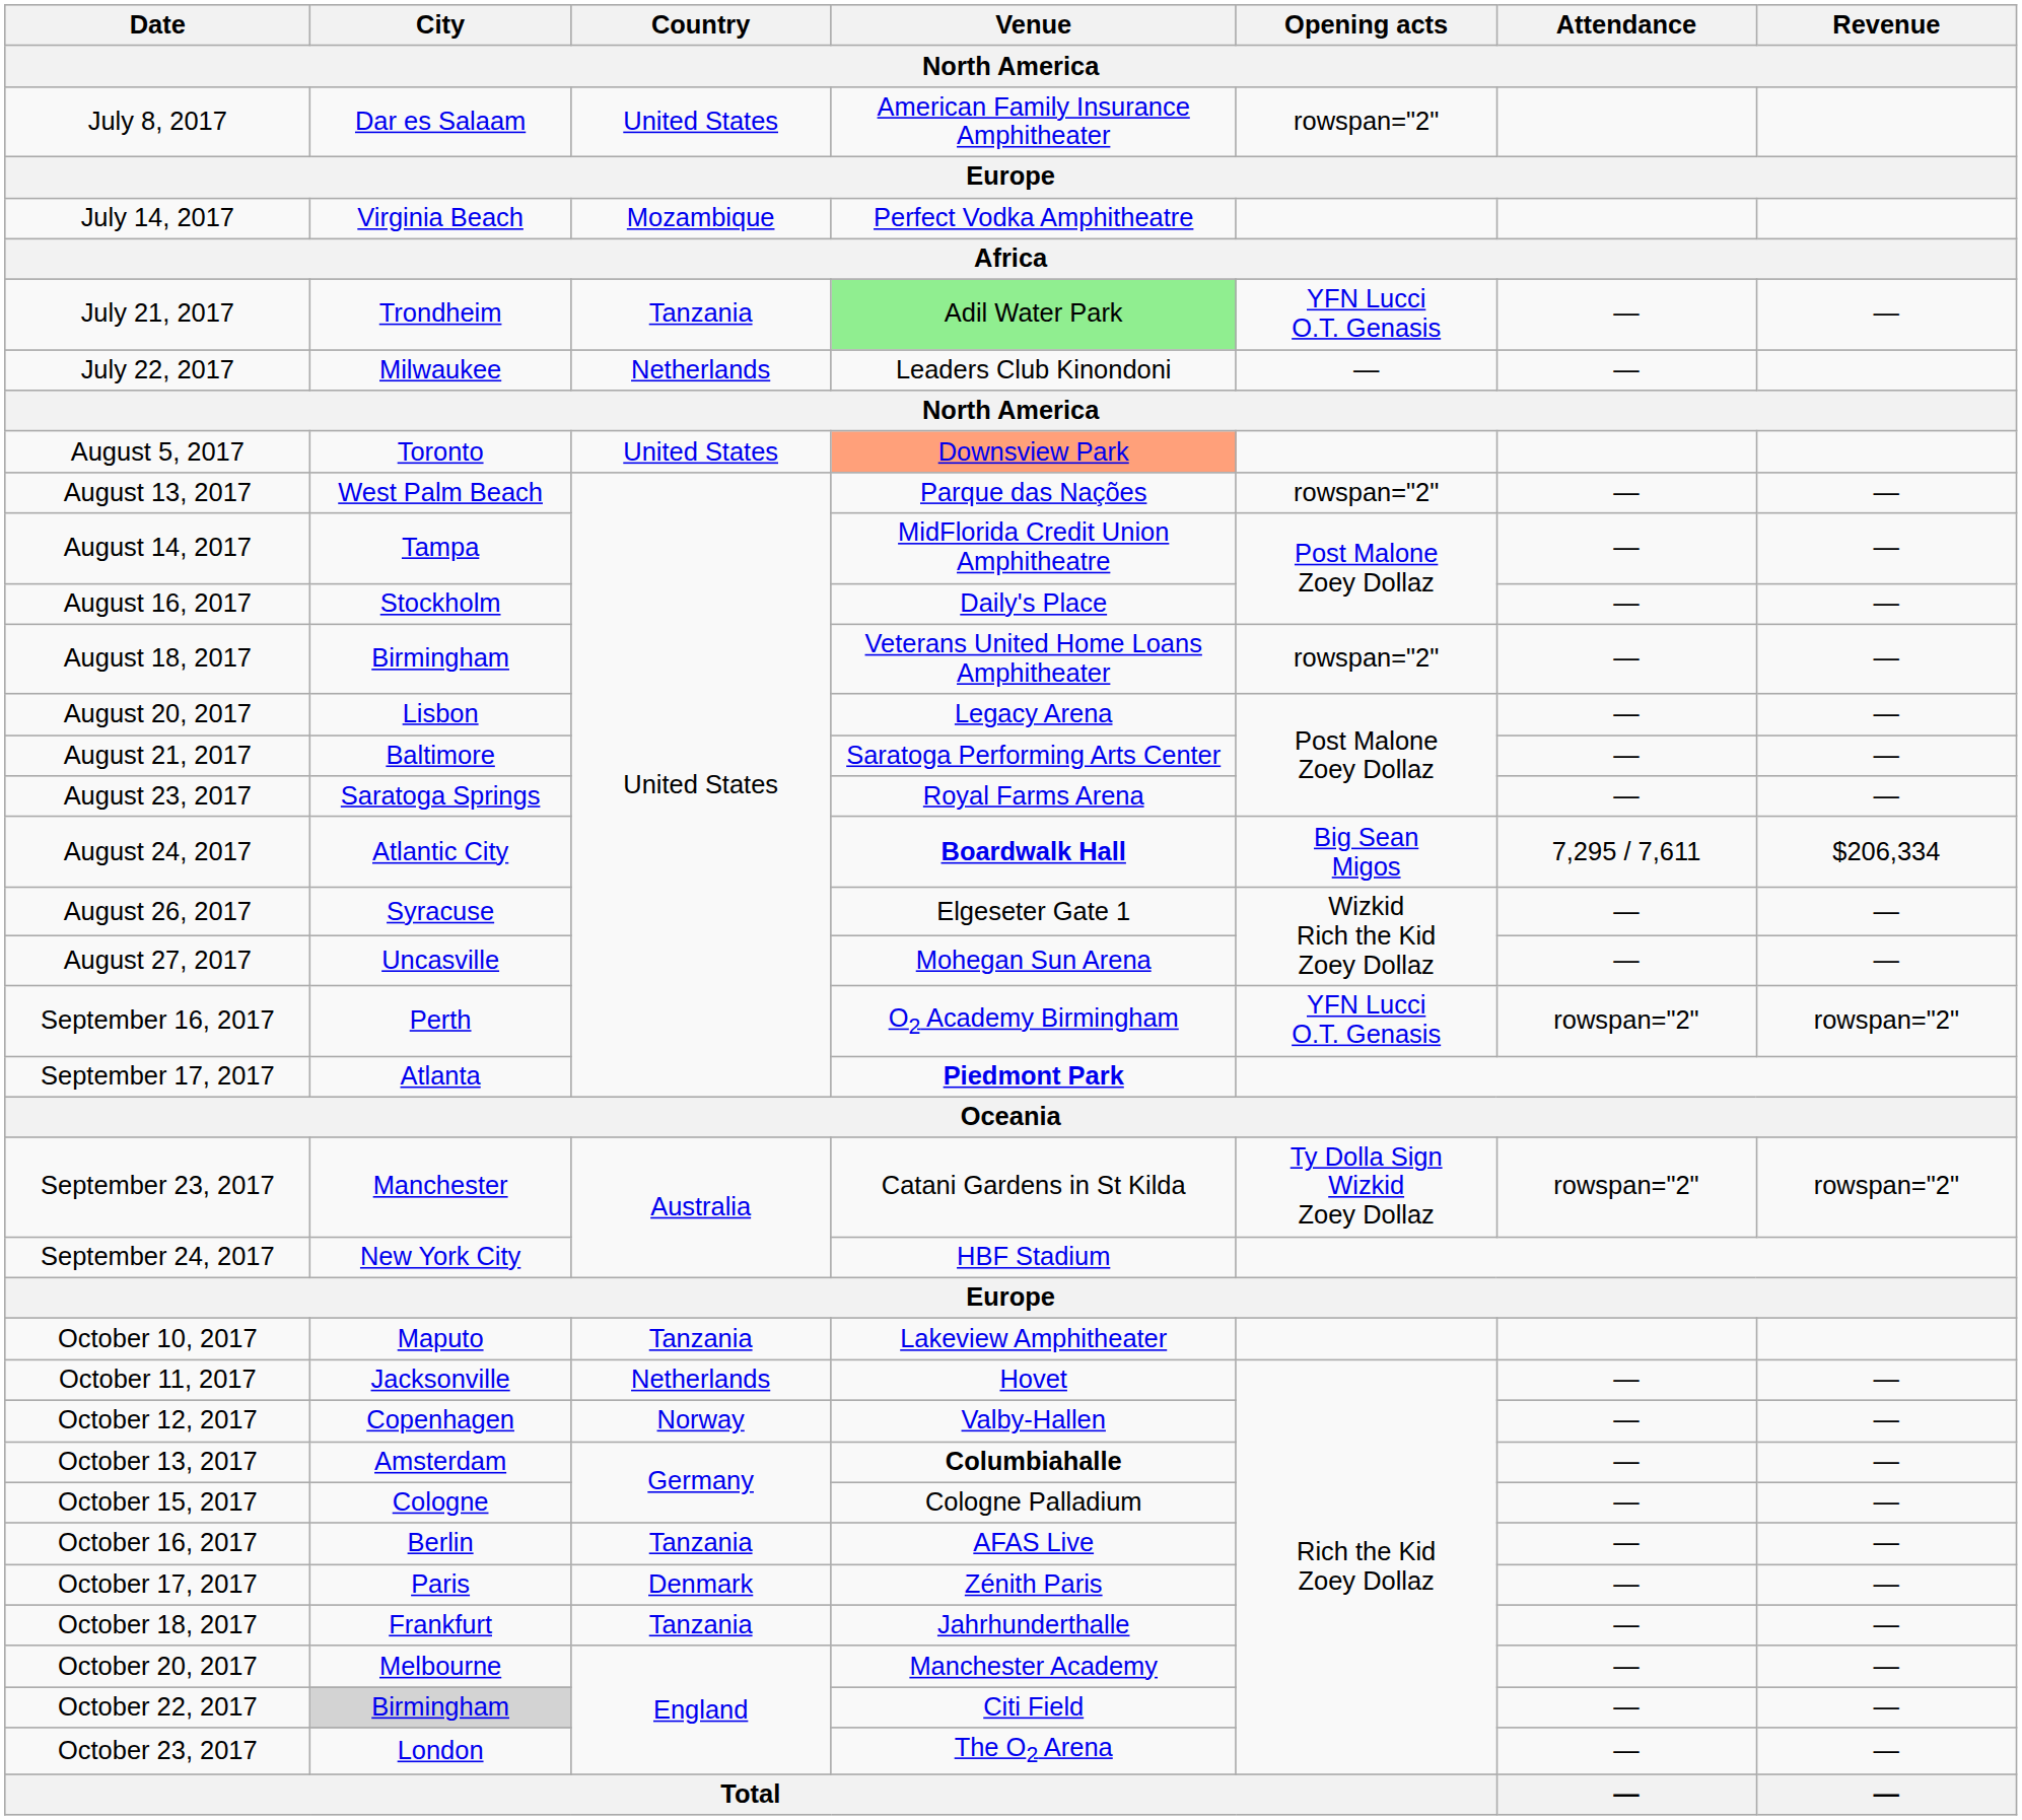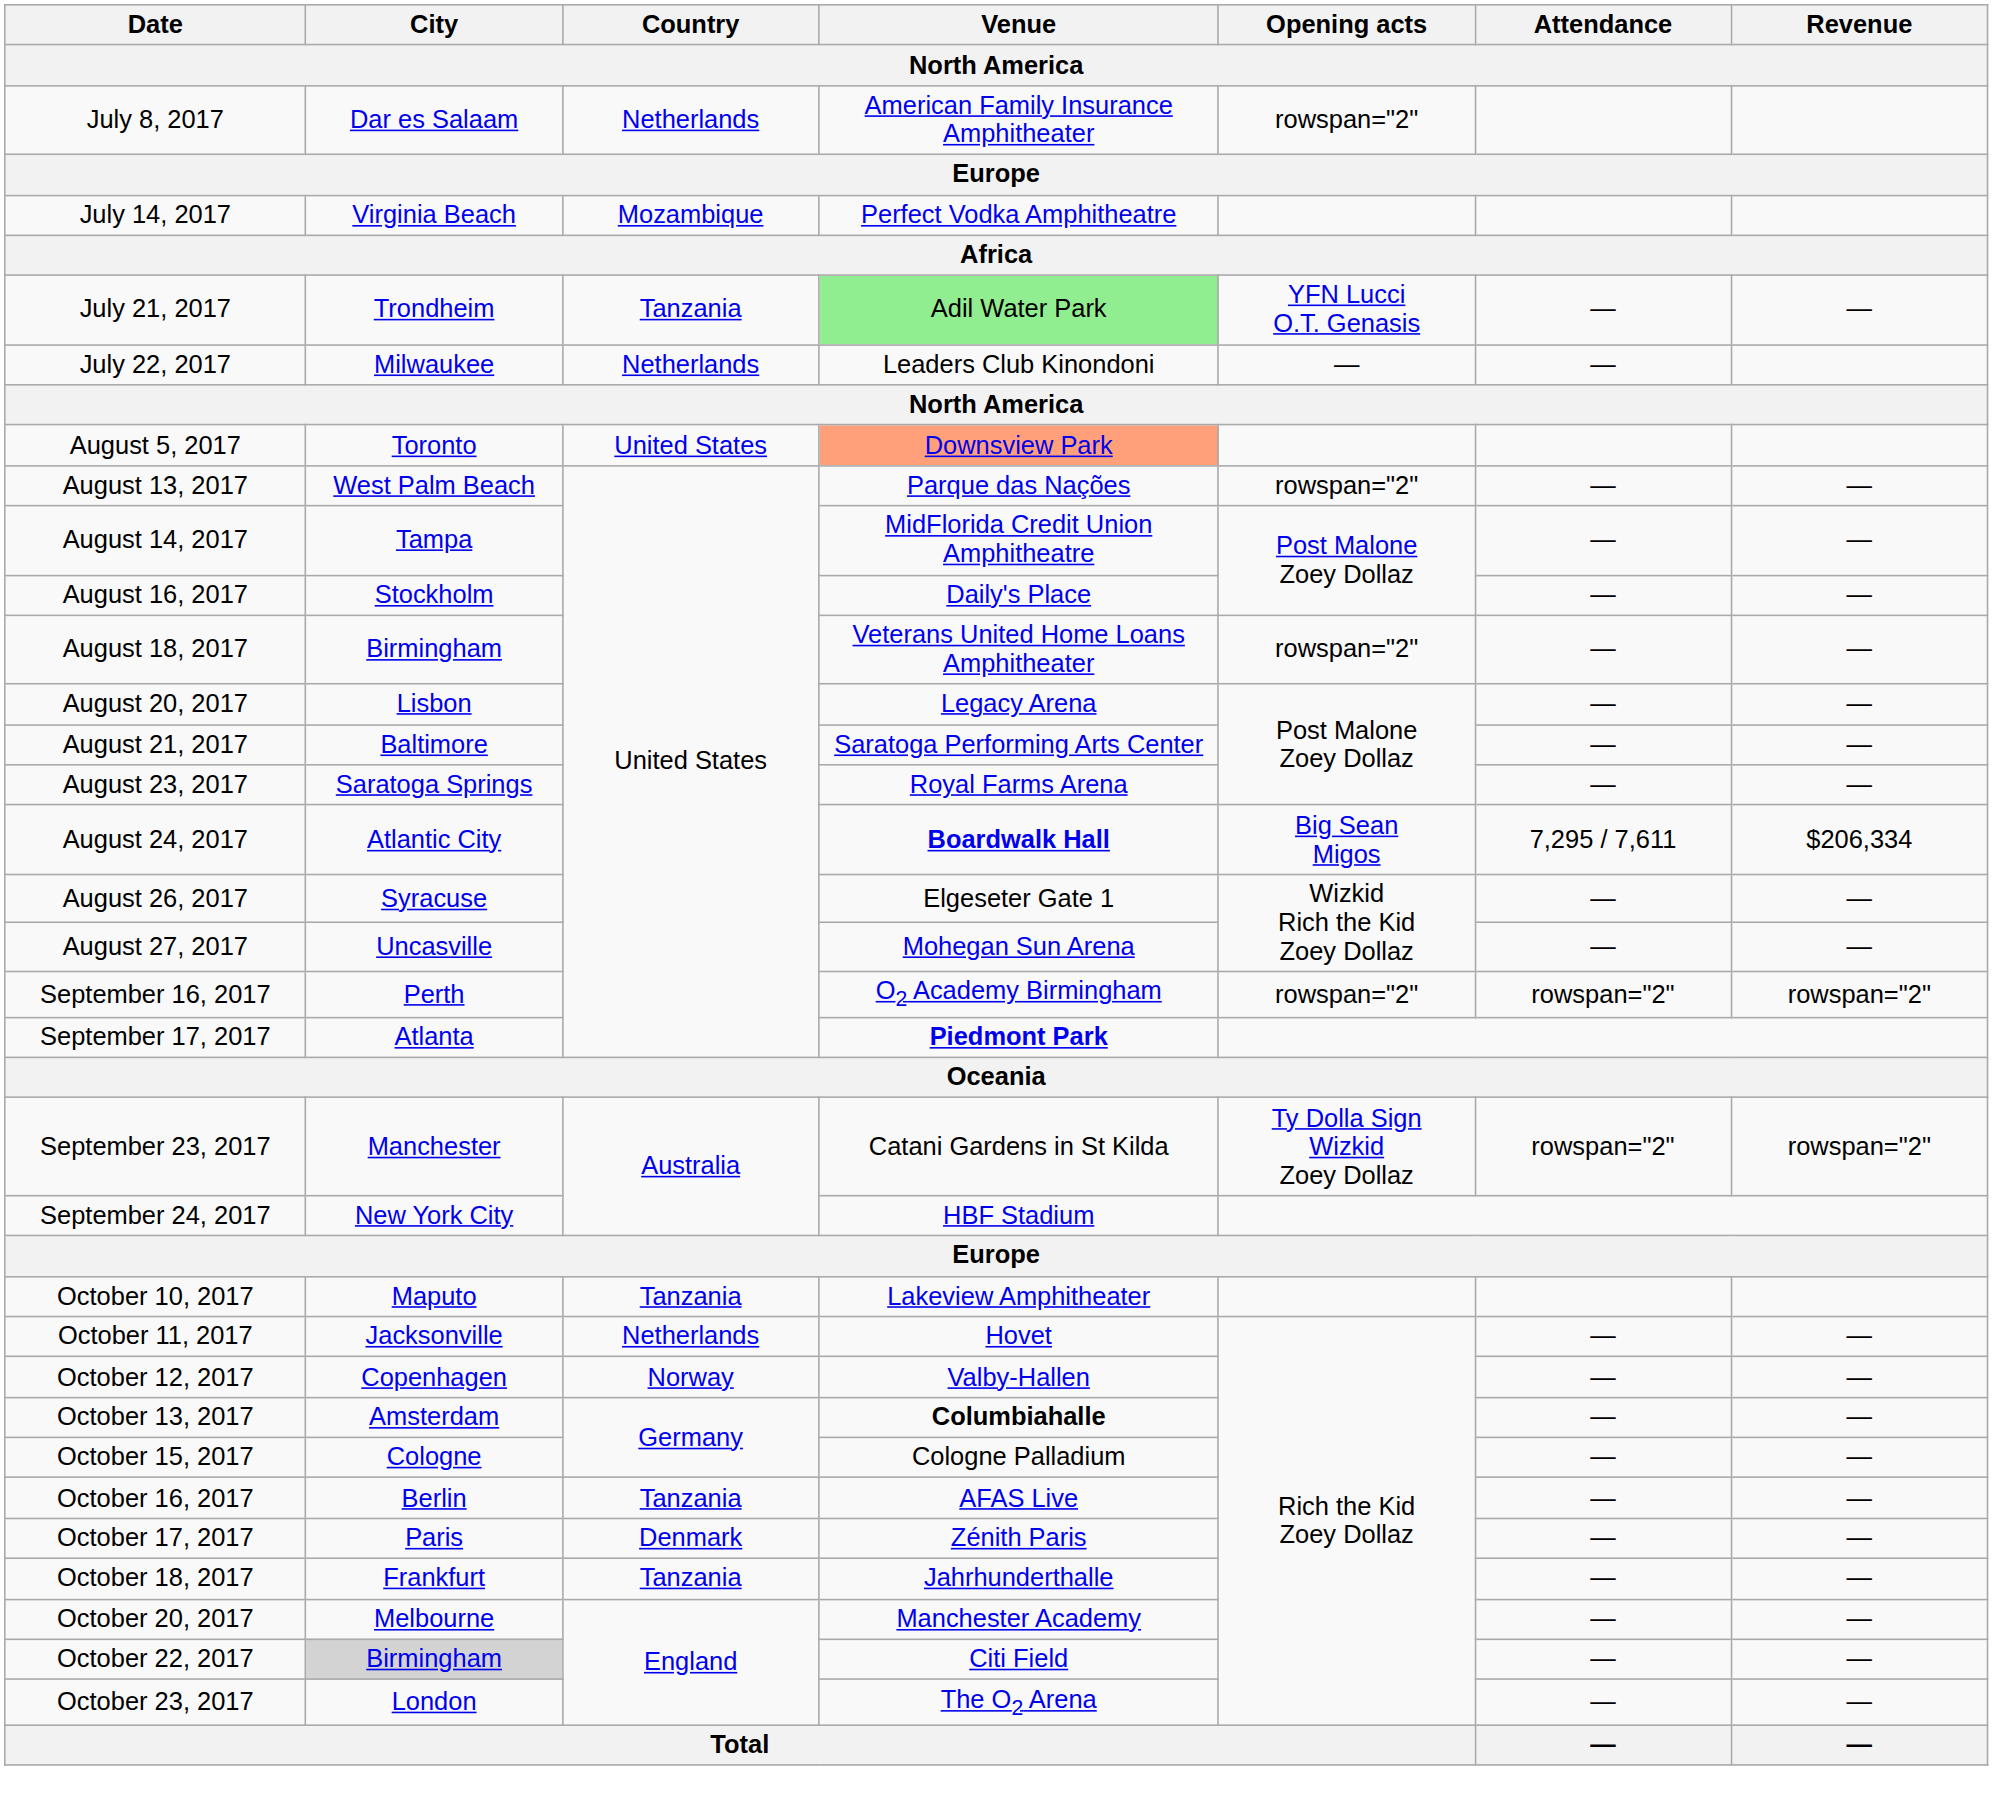 <table class="wikitable" style="text-align:center;">
 <tr>
 <th scope="col" style="width:12em;">Date</th>
 <th scope="col" style="width:10em;">City</th>
 <th scope="col" style="width:10em;">Country</th>
 <th scope="col" style="width:16em;">Venue</th>
 <th scope="col" style="width:10em;">Opening acts</th>
 <th scope="col" style="width:10em;">Attendance</th>
 <th scope="col" style="width:10em;">Revenue</th>
 </tr>
 <tr>
 <th colspan="7">North America</th>
 </tr>
 <tr>
 <td>July 8, 2017</td>
 <td><a href='#'>Dar es Salaam</a></td>
-<td><a href='#'>United States</a></td>
+<td><a href='#'>Netherlands</a></td>
 <td><a href='#'>American Family Insurance Amphitheater</a></td>
 <td>rowspan="2" </td>
 <td></td>
 <td></td>
 </tr>
 <tr>
 <th colspan="7">Europe</th>
 </tr>
 <tr>
 <td>July 14, 2017</td>
 <td><a href='#'>Virginia Beach</a></td>
 <td><a href='#'>Mozambique</a></td>
 <td><a href='#'>Perfect Vodka Amphitheatre</a></td>
 <td></td>
 <td></td>
 <td></td>
 </tr>
 <tr>
 <th colspan="7">Africa</th>
 </tr>
 <tr>
 <td>July 21, 2017</td>
 <td><a href='#'>Trondheim</a></td>
 <td><a href='#'>Tanzania</a></td>
 <td style="background: lightgreen;">Adil Water Park</td>
 <td><a href='#'>YFN Lucci</a><br><a href='#'>O.T. Genasis</a></td>
 <td>—</td>
 <td>—</td>
 </tr>
 <tr>
 <td>July 22, 2017</td>
 <td><a href='#'>Milwaukee</a></td>
 <td><a href='#'>Netherlands</a></td>
 <td>Leaders Club Kinondoni</td>
 <td>—</td>
 <td>—</td>
 </tr>
 <tr>
 <th colspan="7">North America</th>
 </tr>
 <tr>
 <td>August 5, 2017</td>
 <td><a href='#'>Toronto</a></td>
 <td><a href='#'>United States</a></td>
 <td style="background: lightsalmon;"><a href='#'>Downsview Park</a></td>
 <td></td>
 <td></td>
 <td></td>
 </tr>
 <tr>
 <td>August 13, 2017</td>
 <td><a href='#'>West Palm Beach</a></td>
 <td rowspan="12">United States</td>
 <td><a href='#'>Parque das Nações</a></td>
 <td>rowspan="2" </td>
 <td>—</td>
 <td>—</td>
 </tr>
 <tr>
 <td>August 14, 2017</td>
 <td><a href='#'>Tampa</a></td>
 <td><a href='#'>MidFlorida Credit Union Amphitheatre</a></td>
 <td rowspan="2"><a href='#'>Post Malone</a><br>Zoey Dollaz</td>
 <td>—</td>
 <td>—</td>
 </tr>
 <tr>
 <td>August 16, 2017</td>
 <td><a href='#'>Stockholm</a></td>
 <td><a href='#'>Daily's Place</a></td>
 <td>—</td>
 <td>—</td>
 </tr>
 <tr>
 <td>August 18, 2017</td>
 <td><a href='#'>Birmingham</a></td>
 <td><a href='#'>Veterans United Home Loans Amphitheater</a></td>
 <td>rowspan="2" </td>
 <td>—</td>
 <td>—</td>
 </tr>
 <tr>
 <td>August 20, 2017</td>
 <td><a href='#'>Lisbon</a></td>
 <td><a href='#'>Legacy Arena</a></td>
 <td rowspan="3">Post Malone<br>Zoey Dollaz</td>
 <td>—</td>
 <td>—</td>
 </tr>
 <tr>
 <td>August 21, 2017</td>
 <td><a href='#'>Baltimore</a></td>
 <td><a href='#'>Saratoga Performing Arts Center</a></td>
 <td>—</td>
 <td>—</td>
 </tr>
 <tr>
 <td>August 23, 2017</td>
 <td><a href='#'>Saratoga Springs</a></td>
 <td><a href='#'>Royal Farms Arena</a></td>
 <td>—</td>
 <td>—</td>
 </tr>
 <tr>
 <td>August 24, 2017</td>
 <td><a href='#'>Atlantic City</a></td>
 <td><strong><a href='#'>Boardwalk Hall</a></strong></td>
 <td><a href='#'>Big Sean</a><br><a href='#'>Migos</a></td>
 <td>7,295 / 7,611</td>
 <td>$206,334</td>
 </tr>
 <tr>
 <td>August 26, 2017</td>
 <td><a href='#'>Syracuse</a></td>
 <td>Elgeseter Gate 1</td>
 <td rowspan="2">Wizkid<br>Rich the Kid<br>Zoey Dollaz</td>
 <td>—</td>
 <td>—</td>
 </tr>
 <tr>
 <td>August 27, 2017</td>
 <td><a href='#'>Uncasville</a></td>
 <td><a href='#'>Mohegan Sun Arena</a></td>
 <td>—</td>
 <td>—</td>
 </tr>
 <tr>
 <td>September 16, 2017</td>
 <td><a href='#'>Perth</a></td>
 <td><a href='#'>O<sub>2</sub> Academy Birmingham</a></td>
-<td><a href='#'>YFN Lucci</a><br><a href='#'>O.T. Genasis</a></td>
+<td>rowspan="2" </td>
 <td>rowspan="2" </td>
 <td>rowspan="2" </td>
 </tr>
 <tr>
 <td>September 17, 2017</td>
 <td><a href='#'>Atlanta</a></td>
 <td><strong><a href='#'>Piedmont Park</a></strong></td>
 </tr>
 <tr>
 <th colspan="7">Oceania</th>
 </tr>
 <tr>
 <td>September 23, 2017</td>
 <td><a href='#'>Manchester</a></td>
 <td rowspan="2"><a href='#'>Australia</a></td>
 <td>Catani Gardens in St Kilda</td>
 <td><a href='#'>Ty Dolla Sign</a><br><a href='#'>Wizkid</a><br>Zoey Dollaz</td>
 <td>rowspan="2" </td>
 <td>rowspan="2" </td>
 </tr>
 <tr>
 <td>September 24, 2017</td>
 <td><a href='#'>New York City</a></td>
 <td><a href='#'>HBF Stadium</a></td>
 </tr>
 <tr>
 <th colspan="7">Europe</th>
 </tr>
 <tr>
 <td>October 10, 2017</td>
 <td><a href='#'>Maputo</a></td>
 <td><a href='#'>Tanzania</a></td>
 <td><a href='#'>Lakeview Amphitheater</a></td>
 <td></td>
 <td></td>
 <td></td>
 </tr>
 <tr>
 <td>October 11, 2017</td>
 <td><a href='#'>Jacksonville</a></td>
 <td><a href='#'>Netherlands</a></td>
 <td><a href='#'>Hovet</a></td>
 <td rowspan="10">Rich the Kid<br>Zoey Dollaz</td>
 <td>—</td>
 <td>—</td>
 </tr>
 <tr>
 <td>October 12, 2017</td>
 <td><a href='#'>Copenhagen</a></td>
 <td><a href='#'>Norway</a></td>
 <td><a href='#'>Valby-Hallen</a></td>
 <td>—</td>
 <td>—</td>
 </tr>
 <tr>
 <td>October 13, 2017</td>
 <td><a href='#'>Amsterdam</a></td>
 <td rowspan="2"><a href='#'>Germany</a></td>
 <td><strong>Columbiahalle</strong></td>
 <td>—</td>
 <td>—</td>
 </tr>
 <tr>
 <td>October 15, 2017</td>
 <td><a href='#'>Cologne</a></td>
 <td>Cologne Palladium</td>
 <td>—</td>
 <td>—</td>
 </tr>
 <tr>
 <td>October 16, 2017</td>
 <td><a href='#'>Berlin</a></td>
 <td><a href='#'>Tanzania</a></td>
 <td><a href='#'>AFAS Live</a></td>
 <td>—</td>
 <td>—</td>
 </tr>
 <tr>
 <td>October 17, 2017</td>
 <td><a href='#'>Paris</a></td>
 <td><a href='#'>Denmark</a></td>
 <td><a href='#'>Zénith Paris</a></td>
 <td>—</td>
 <td>—</td>
 </tr>
 <tr>
 <td>October 18, 2017</td>
 <td><a href='#'>Frankfurt</a></td>
 <td><a href='#'>Tanzania</a></td>
 <td><a href='#'>Jahrhunderthalle</a></td>
 <td>—</td>
 <td>—</td>
 </tr>
 <tr>
 <td>October 20, 2017</td>
 <td><a href='#'>Melbourne</a></td>
 <td rowspan="3"><a href='#'>England</a></td>
 <td><a href='#'>Manchester Academy</a></td>
 <td>—</td>
 <td>—</td>
 </tr>
 <tr>
 <td>October 22, 2017</td>
 <td style="background: lightgrey;"><a href='#'>Birmingham</a></td>
 <td><a href='#'>Citi Field</a></td>
 <td>—</td>
 <td>—</td>
 </tr>
 <tr>
 <td>October 23, 2017</td>
 <td><a href='#'>London</a></td>
 <td><a href='#'>The O<sub>2</sub> Arena</a></td>
 <td>—</td>
 <td>—</td>
 </tr>
 <tr>
 <th colspan="5">Total</th>
 <th>—</th>
 <th>—</th>
 </tr>
 </table>
